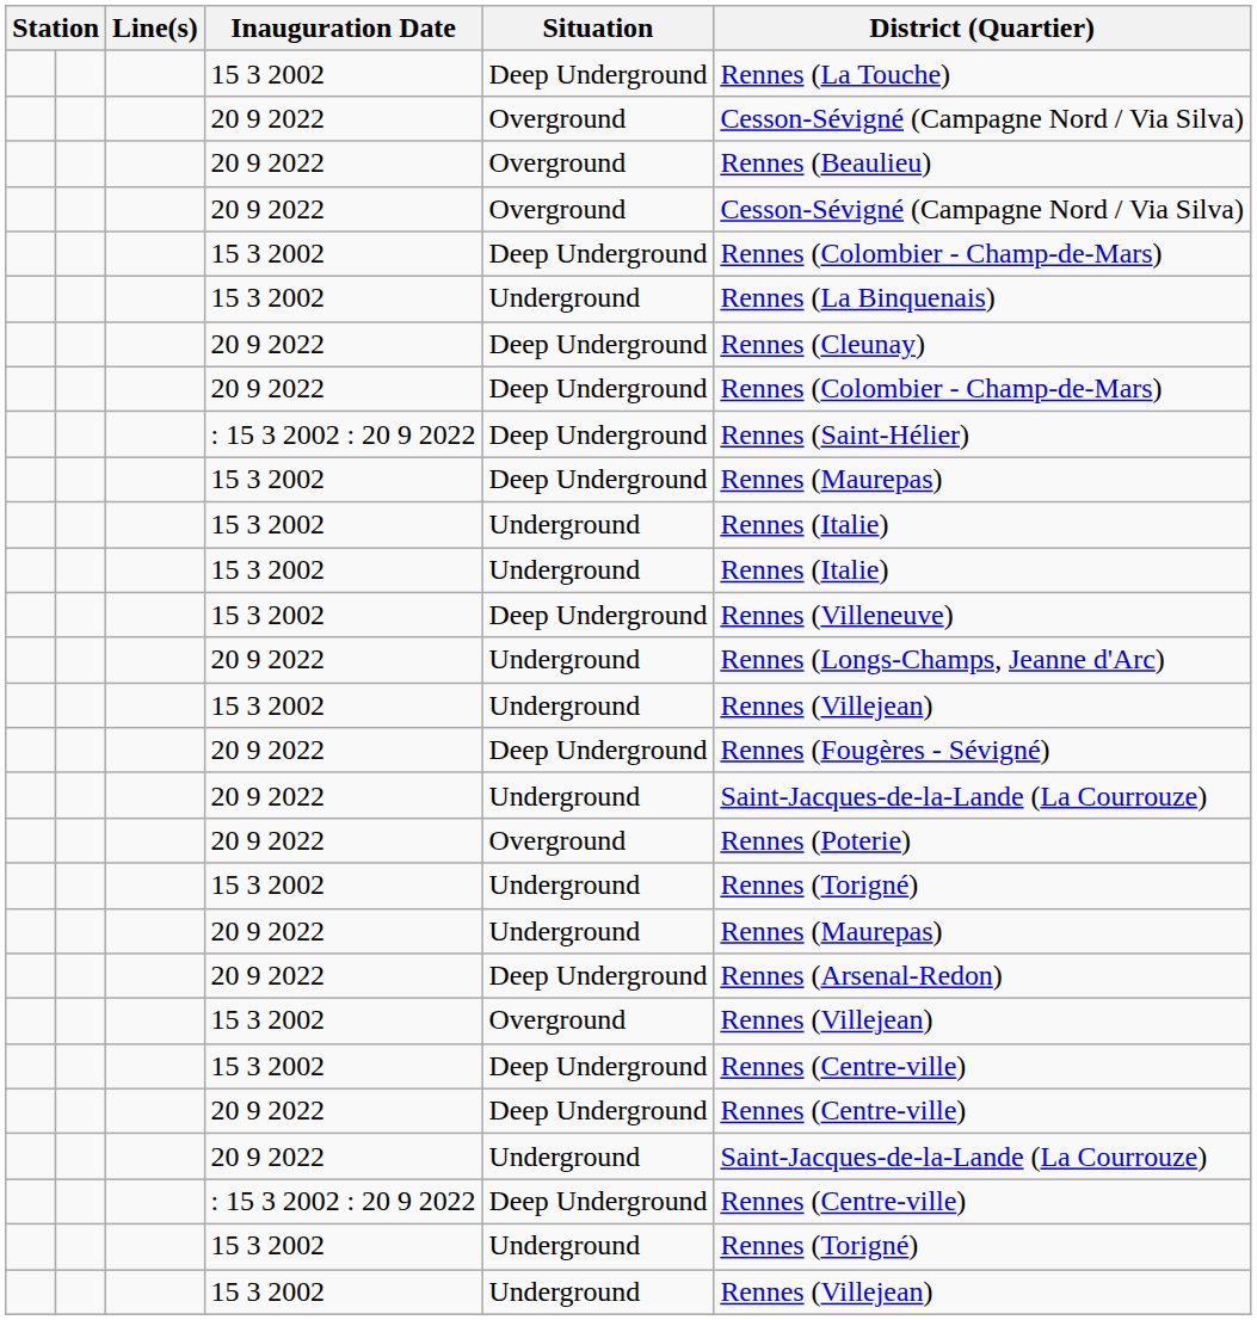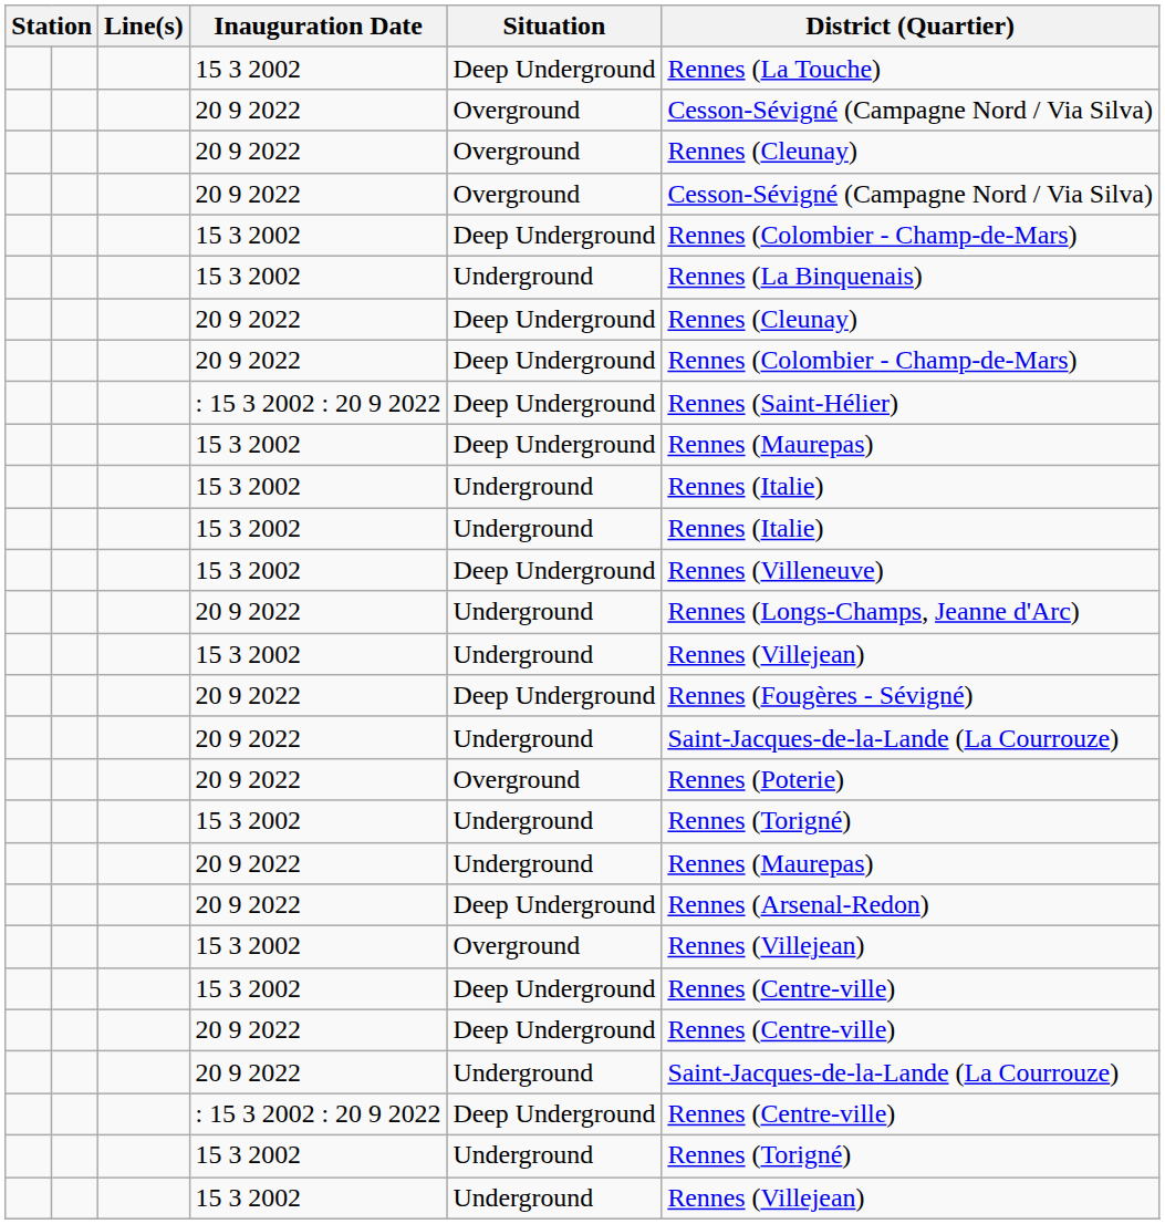 <table class="wikitable sortable center">
 <tr>
 <th scope=col colspan=2>Station</th>
 <th scope=col>Line(s)</th>
 <th scope=col>Inauguration Date </th>
 <th scope=col>Situation</th>
 <th scope=col>District (Quartier)</th>
 </tr>
 <tr>
 <td></td>
 <td></td>
 <td align=center></td>
 <td>15 3 2002</td>
 <td>Deep  Underground</td>
 <td><a href='#'>Rennes</a>  (<a href='#'>La Touche</a>)</td>
 </tr>
 <tr>
 <td></td>
 <td></td>
 <td align=center></td>
 <td>20 9 2022</td>
 <td>Overground</td>
 <td><a href='#'>Cesson-Sévigné</a>  (Campagne Nord / Via Silva)</td>
 </tr>
 <tr>
 <td></td>
 <td></td>
 <td align=center></td>
 <td>20 9 2022</td>
 <td>Overground</td>
-<td><a href='#'>Rennes</a>  (<a href='#'>Beaulieu</a>)</td>
+<td><a href='#'>Rennes</a>  (<a href='#'>Cleunay</a>)</td>
 </tr>
 <tr>
 <td></td>
 <td></td>
 <td align=center></td>
 <td>20 9 2022</td>
 <td>Overground</td>
 <td><a href='#'>Cesson-Sévigné</a>  (Campagne Nord / Via Silva)</td>
 </tr>
 <tr>
 <td></td>
 <td></td>
 <td align=center></td>
 <td>15 3 2002</td>
 <td>Deep  Underground</td>
 <td><a href='#'>Rennes</a>  (<a href='#'>Colombier - Champ-de-Mars</a>)</td>
 </tr>
 <tr>
 <td></td>
 <td></td>
 <td align=center></td>
 <td>15 3 2002</td>
 <td>Underground</td>
 <td><a href='#'>Rennes</a>  (<a href='#'>La Binquenais</a>)</td>
 </tr>
 <tr>
 <td></td>
 <td></td>
 <td align=center></td>
 <td>20 9 2022</td>
 <td>Deep  Underground</td>
 <td><a href='#'>Rennes</a>  (<a href='#'>Cleunay</a>)</td>
 </tr>
 <tr>
 <td></td>
 <td></td>
 <td align=center></td>
 <td>20 9 2022</td>
 <td>Deep  Underground</td>
 <td><a href='#'>Rennes</a>  (<a href='#'>Colombier - Champ-de-Mars</a>)</td>
 </tr>
 <tr>
 <td></td>
 <td></td>
 <td align=center></td>
 <td> : 15 3 2002   : 20 9 2022</td>
 <td>Deep  Underground</td>
 <td><a href='#'>Rennes</a>  (<a href='#'>Saint-Hélier</a>)</td>
 </tr>
 <tr>
 <td></td>
 <td></td>
 <td align=center></td>
 <td>15 3 2002</td>
 <td>Deep  Underground</td>
 <td><a href='#'>Rennes</a>  (<a href='#'>Maurepas</a>)</td>
 </tr>
 <tr>
 <td></td>
 <td></td>
 <td align=center></td>
 <td>15 3 2002</td>
 <td>Underground</td>
 <td><a href='#'>Rennes</a>  (<a href='#'>Italie</a>)</td>
 </tr>
 <tr>
 <td></td>
 <td></td>
 <td align=center></td>
 <td>15 3 2002</td>
 <td>Underground</td>
 <td><a href='#'>Rennes</a>  (<a href='#'>Italie</a>)</td>
 </tr>
 <tr>
 <td></td>
 <td></td>
 <td align=center></td>
 <td>15 3 2002</td>
 <td>Deep  Underground</td>
 <td><a href='#'>Rennes</a>  (<a href='#'>Villeneuve</a>)</td>
 </tr>
 <tr>
 <td></td>
 <td></td>
 <td align=center></td>
 <td>20 9 2022</td>
 <td>Underground</td>
 <td><a href='#'>Rennes</a>  (<a href='#'>Longs-Champs</a>, <a href='#'>Jeanne d'Arc</a>)</td>
 </tr>
 <tr>
 <td></td>
 <td></td>
 <td align=center></td>
 <td>15 3 2002</td>
 <td>Underground</td>
 <td><a href='#'>Rennes</a>  (<a href='#'>Villejean</a>)</td>
 </tr>
 <tr>
 <td></td>
 <td></td>
 <td align=center></td>
 <td>20 9 2022</td>
 <td>Deep  Underground</td>
 <td><a href='#'>Rennes</a>  (<a href='#'>Fougères - Sévigné</a>)</td>
 </tr>
 <tr>
 <td></td>
 <td></td>
 <td align=center></td>
 <td>20 9 2022</td>
 <td>Underground</td>
 <td><a href='#'>Saint-Jacques-de-la-Lande</a>  (<a href='#'>La Courrouze</a>)</td>
 </tr>
 <tr>
 <td></td>
 <td></td>
 <td align=center></td>
 <td>20 9 2022</td>
 <td>Overground</td>
 <td><a href='#'>Rennes</a>  (<a href='#'>Poterie</a>)</td>
 </tr>
 <tr>
 <td></td>
 <td></td>
 <td align=center></td>
 <td>15 3 2002</td>
 <td>Underground</td>
 <td><a href='#'>Rennes</a>  (<a href='#'>Torigné</a>)</td>
 </tr>
 <tr>
 <td></td>
 <td></td>
 <td align=center></td>
 <td>20 9 2022</td>
 <td>Underground</td>
 <td><a href='#'>Rennes</a>  (<a href='#'>Maurepas</a>)</td>
 </tr>
 <tr>
 <td></td>
 <td></td>
 <td align=center></td>
 <td>20 9 2022</td>
 <td>Deep  Underground</td>
 <td><a href='#'>Rennes</a>  (<a href='#'>Arsenal-Redon</a>)</td>
 </tr>
 <tr>
 <td></td>
 <td></td>
 <td align=center></td>
 <td>15 3 2002</td>
 <td>Overground</td>
 <td><a href='#'>Rennes</a>  (<a href='#'>Villejean</a>)</td>
 </tr>
 <tr>
 <td></td>
 <td></td>
 <td align=center></td>
 <td>15 3 2002</td>
 <td>Deep  Underground</td>
 <td><a href='#'>Rennes</a>  (<a href='#'>Centre-ville</a>)</td>
 </tr>
 <tr>
 <td></td>
 <td></td>
 <td align=center></td>
 <td>20 9 2022</td>
 <td>Deep  Underground</td>
 <td><a href='#'>Rennes</a>  (<a href='#'>Centre-ville</a>)</td>
 </tr>
 <tr>
 <td></td>
 <td></td>
 <td align=center></td>
 <td>20 9 2022</td>
 <td>Underground</td>
 <td><a href='#'>Saint-Jacques-de-la-Lande</a>  (<a href='#'>La Courrouze</a>)</td>
 </tr>
 <tr>
 <td></td>
 <td></td>
 <td align=center></td>
 <td> : 15 3 2002   : 20 9 2022</td>
 <td>Deep  Underground</td>
 <td><a href='#'>Rennes</a>  (<a href='#'>Centre-ville</a>)</td>
 </tr>
 <tr>
 <td></td>
 <td></td>
 <td align=center></td>
 <td>15 3 2002</td>
 <td>Underground</td>
 <td><a href='#'>Rennes</a>  (<a href='#'>Torigné</a>)</td>
 </tr>
 <tr>
 <td></td>
 <td></td>
 <td align=center></td>
 <td>15 3 2002</td>
 <td>Underground</td>
 <td><a href='#'>Rennes</a>  (<a href='#'>Villejean</a>)</td>
 </tr>
 <tr>
 </tr>
 </table>
